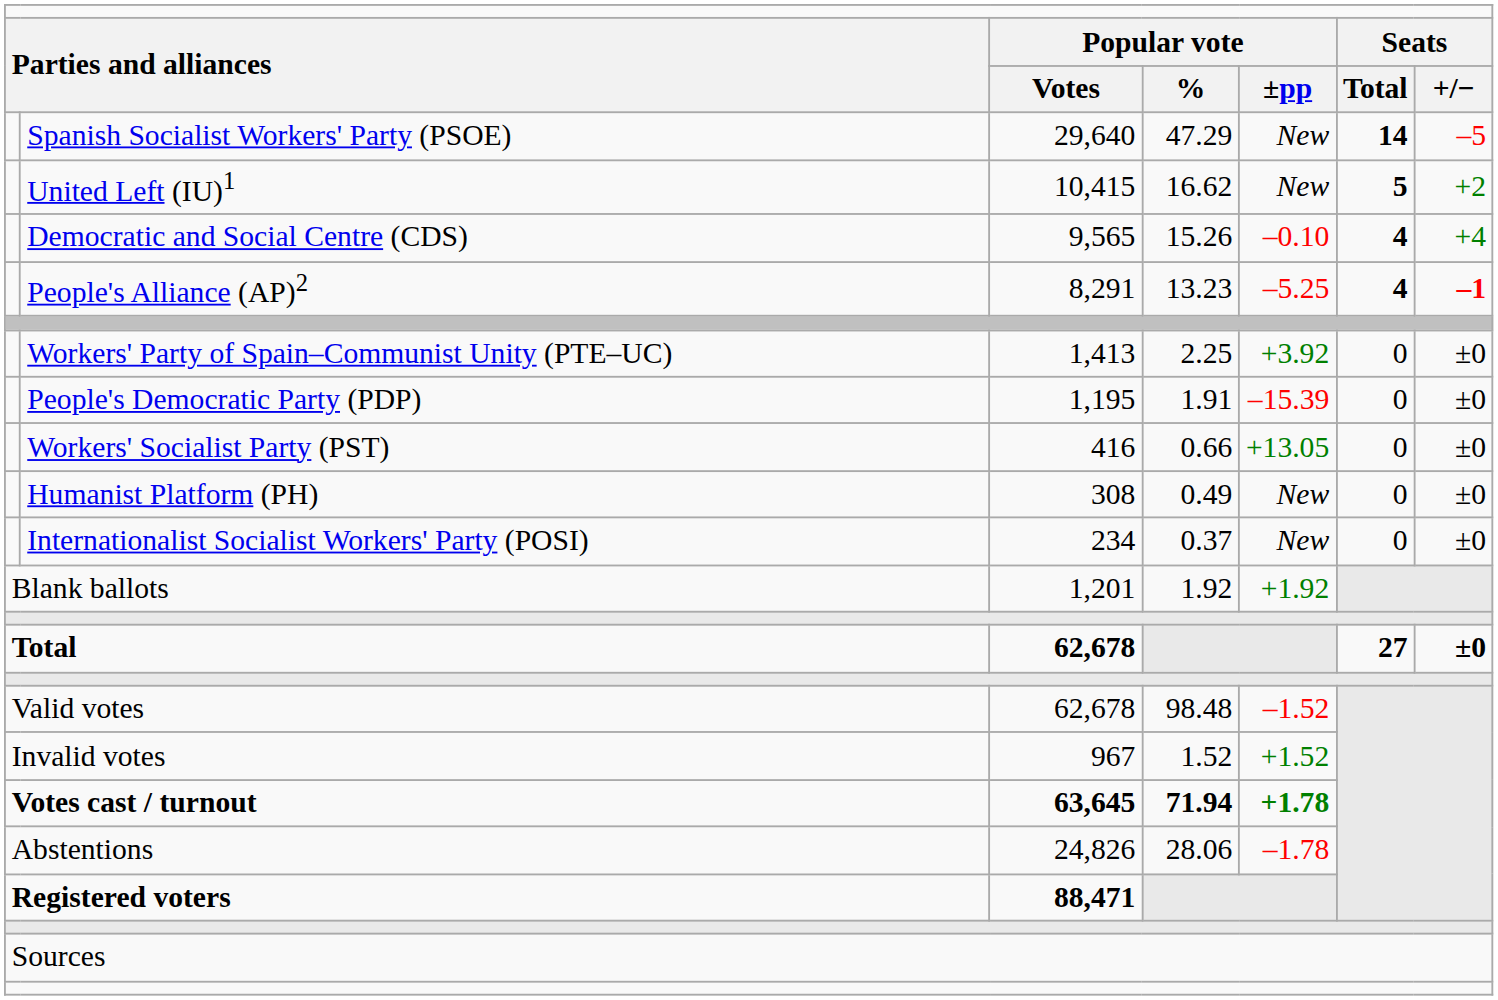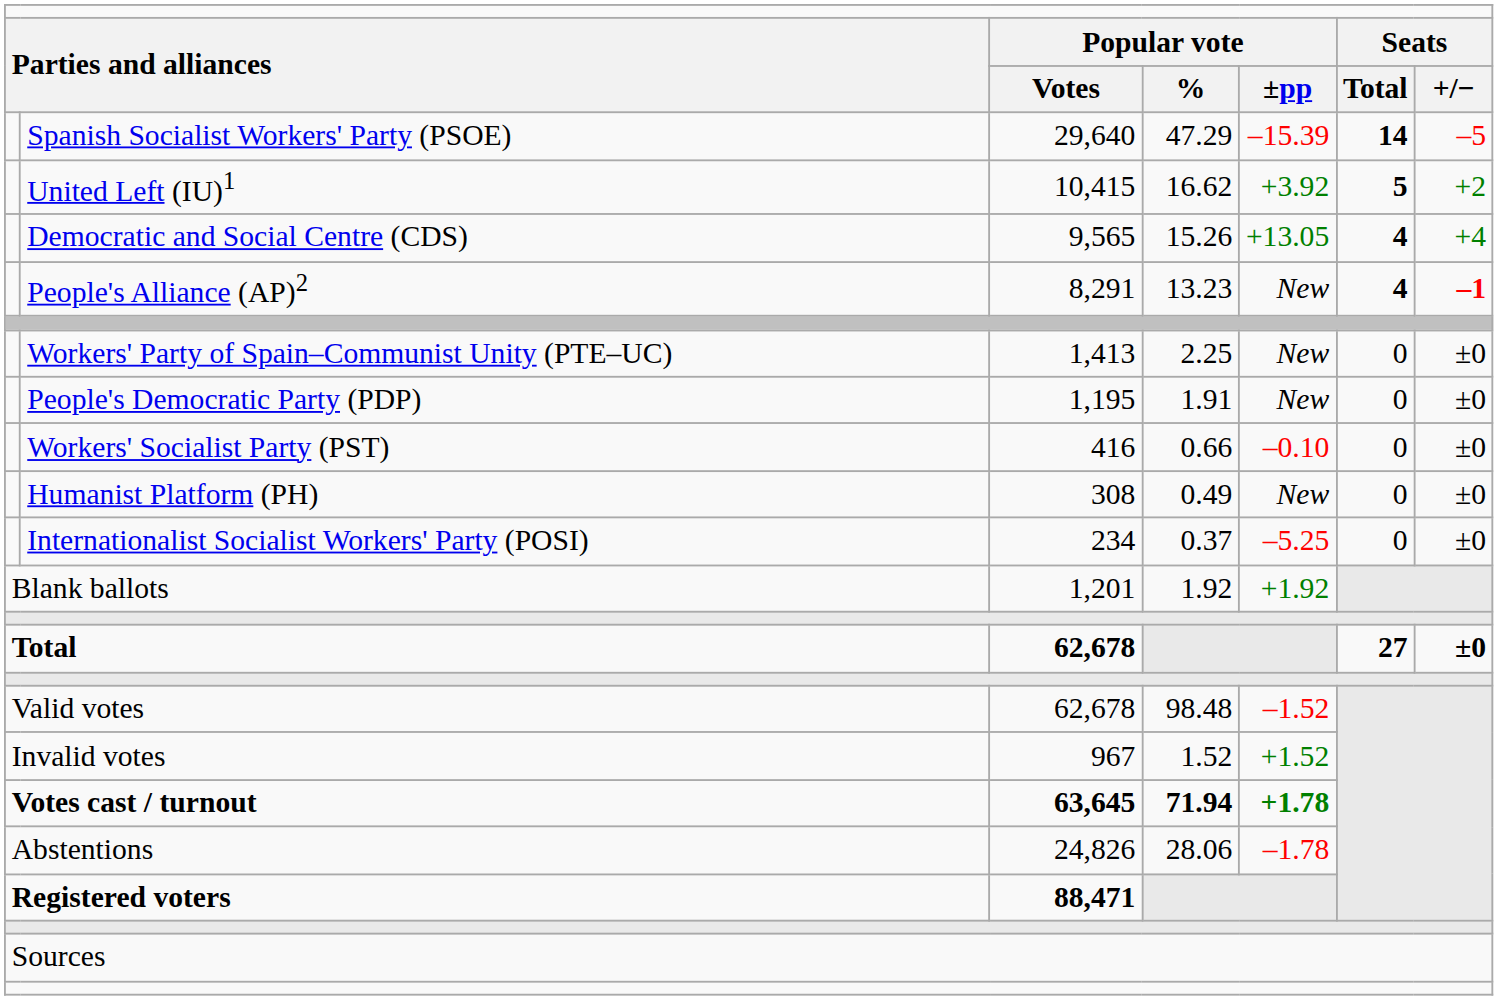 <table class="wikitable" style="text-align:right;">
 <tr>
 <td colspan="7"></td>
 </tr>
 <tr>
 <th style="text-align:left;" rowspan="2" colspan="2" width="525">Parties and alliances</th>
 <th colspan="3">Popular vote</th>
 <th colspan="2">Seats</th>
 </tr>
 <tr>
 <th width="75">Votes</th>
 <th width="45">%</th>
 <th width="45">±<a href='#'>pp</a></th>
 <th width="35">Total</th>
 <th width="35">+/−</th>
 </tr>
 <tr>
 <td width="1" style="color:inherit;background:"></td>
 <td align="left"><a href='#'>Spanish Socialist Workers' Party</a> (PSOE)</td>
 <td>29,640</td>
 <td>47.29</td>
-<td><em>New</em></td>
+<td style="color:red;">–15.39</td>
 <td><strong>14</strong></td>
 <td style="color:red;">–5</td>
 </tr>
 <tr>
 <td style="color:inherit;background:"></td>
 <td align="left"><a href='#'>United Left</a> (IU)<sup>1</sup></td>
 <td>10,415</td>
 <td>16.62</td>
-<td><em>New</em></td>
+<td style="color:green;">+3.92</td>
 <td><strong>5</strong></td>
 <td style="color:green;">+2</td>
 </tr>
 <tr>
 <td style="color:inherit;background:"></td>
 <td align="left"><a href='#'>Democratic and Social Centre</a> (CDS)</td>
 <td>9,565</td>
 <td>15.26</td>
-<td style="color:red;">–0.10</td>
+<td style="color:green;">+13.05</td>
 <td><strong>4</strong></td>
 <td style="color:green;">+4</td>
 </tr>
 <tr>
 <td style="color:inherit;background:"></td>
 <td align="left"><a href='#'>People's Alliance</a> (AP)<sup>2</sup></td>
 <td>8,291</td>
 <td>13.23</td>
-<td style="color:red;">–5.25</td>
+<td><em>New</em></td>
 <td><strong>4</strong></td>
 <td style="color:red;"><strong>–1</strong></td>
 </tr>
 <tr>
 <td colspan="7" bgcolor="#C0C0C0"></td>
 </tr>
 <tr>
 <td style="color:inherit;background:"></td>
 <td align="left"><a href='#'>Workers' Party of Spain–Communist Unity</a> (PTE–UC)</td>
 <td>1,413</td>
 <td>2.25</td>
-<td style="color:green;">+3.92</td>
+<td><em>New</em></td>
 <td>0</td>
 <td>±0</td>
 </tr>
 <tr>
 <td style="color:inherit;background:"></td>
 <td align="left"><a href='#'>People's Democratic Party</a> (PDP)</td>
 <td>1,195</td>
 <td>1.91</td>
-<td style="color:red;">–15.39</td>
+<td><em>New</em></td>
 <td>0</td>
 <td>±0</td>
 </tr>
 <tr>
 <td style="color:inherit;background:"></td>
 <td align="left"><a href='#'>Workers' Socialist Party</a> (PST)</td>
 <td>416</td>
 <td>0.66</td>
-<td style="color:green;">+13.05</td>
+<td style="color:red;">–0.10</td>
 <td>0</td>
 <td>±0</td>
 </tr>
 <tr>
 <td style="color:inherit;background:"></td>
 <td align="left"><a href='#'>Humanist Platform</a> (PH)</td>
 <td>308</td>
 <td>0.49</td>
 <td><em>New</em></td>
 <td>0</td>
 <td>±0</td>
 </tr>
 <tr>
 <td style="color:inherit;background:"></td>
 <td align="left"><a href='#'>Internationalist Socialist Workers' Party</a> (POSI)</td>
 <td>234</td>
 <td>0.37</td>
-<td><em>New</em></td>
+<td style="color:red;">–5.25</td>
 <td>0</td>
 <td>±0</td>
 </tr>
 <tr>
 <td align="left" colspan="2">Blank ballots</td>
 <td>1,201</td>
 <td>1.92</td>
 <td style="color:green;">+1.92</td>
 <td bgcolor="#E9E9E9" colspan="2"></td>
 </tr>
 <tr>
 <td colspan="7" bgcolor="#E9E9E9"></td>
 </tr>
 <tr style="font-weight:bold;">
 <td align="left" colspan="2">Total</td>
 <td>62,678</td>
 <td bgcolor="#E9E9E9" colspan="2"></td>
 <td>27</td>
 <td>±0</td>
 </tr>
 <tr>
 <td colspan="7" bgcolor="#E9E9E9"></td>
 </tr>
 <tr>
 <td align="left" colspan="2">Valid votes</td>
 <td>62,678</td>
 <td>98.48</td>
 <td style="color:red;">–1.52</td>
 <td bgcolor="#E9E9E9" colspan="2" rowspan="5"></td>
 </tr>
 <tr>
 <td align="left" colspan="2">Invalid votes</td>
 <td>967</td>
 <td>1.52</td>
 <td style="color:green;">+1.52</td>
 </tr>
 <tr style="font-weight:bold;">
 <td align="left" colspan="2">Votes cast / turnout</td>
 <td>63,645</td>
 <td>71.94</td>
 <td style="color:green;">+1.78</td>
 </tr>
 <tr>
 <td align="left" colspan="2">Abstentions</td>
 <td>24,826</td>
 <td>28.06</td>
 <td style="color:red;">–1.78</td>
 </tr>
 <tr style="font-weight:bold;">
 <td align="left" colspan="2">Registered voters</td>
 <td>88,471</td>
 <td bgcolor="#E9E9E9" colspan="2"></td>
 </tr>
 <tr>
 <td colspan="7" bgcolor="#E9E9E9"></td>
 </tr>
 <tr>
 <td align="left" colspan="7">Sources</td>
 </tr>
 <tr>
 <td colspan="7" style="text-align:left; max-width:790px;"></td>
 </tr>
 </table>
